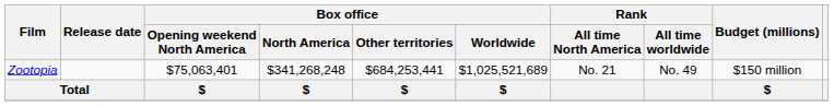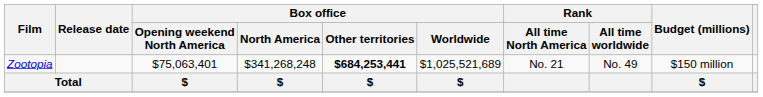 <table class="wikitable sortable" style="text-align:center">
 <tr>
 <th rowspan="2">Film</th>
 <th rowspan="2">Release date</th>
 <th colspan="4">Box office</th>
 <th colspan="2">Rank</th>
 <th rowspan="2">Budget (millions)</th>
 <th rowspan="2"></th>
 </tr>
 <tr>
 <th>Opening weekend <br>North America</th>
 <th>North America</th>
 <th>Other territories</th>
 <th>Worldwide</th>
 <th>All time <br>North America</th>
 <th>All time <br>worldwide</th>
 </tr>
 <tr>
 <td style="text-align: left;"><em><a href='#'>Zootopia</a></em></td>
 <td></td>
 <td>$75,063,401</td>
 <td>$341,268,248</td>
-<td>$684,253,441</td>
+<td><strong>$684,253,441</strong></td>
 <td>$1,025,521,689</td>
 <td>No. 21</td>
 <td>No. 49</td>
 <td>$150 million</td>
 <td></td>
 </tr>
 <tr>
 <th colspan=2>Total</th>
 <th>$</th>
 <th>$</th>
 <th>$</th>
 <th>$</th>
 <th></th>
 <th></th>
 <th>$</th>
 <th></th>
 </tr>
 <tr>
 </tr>
 </table>
